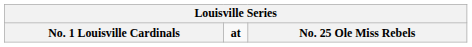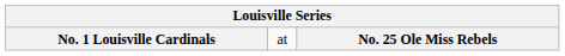 <table class="wikitable">
 <tr>
 <th style="width: 604px;" colspan=3>Louisville Series</th>
 </tr>
 <tr>
 <th style="width: 289px; ">No. 1 Louisville Cardinals</th>
-<td style="width: 25px; text-align:center"><strong>at</strong></td>
+<td style="width: 25px; text-align:center">at</td>
 <th style="width: 289px; ">No. 25 Ole Miss Rebels</th>
 </tr>
 </table>
